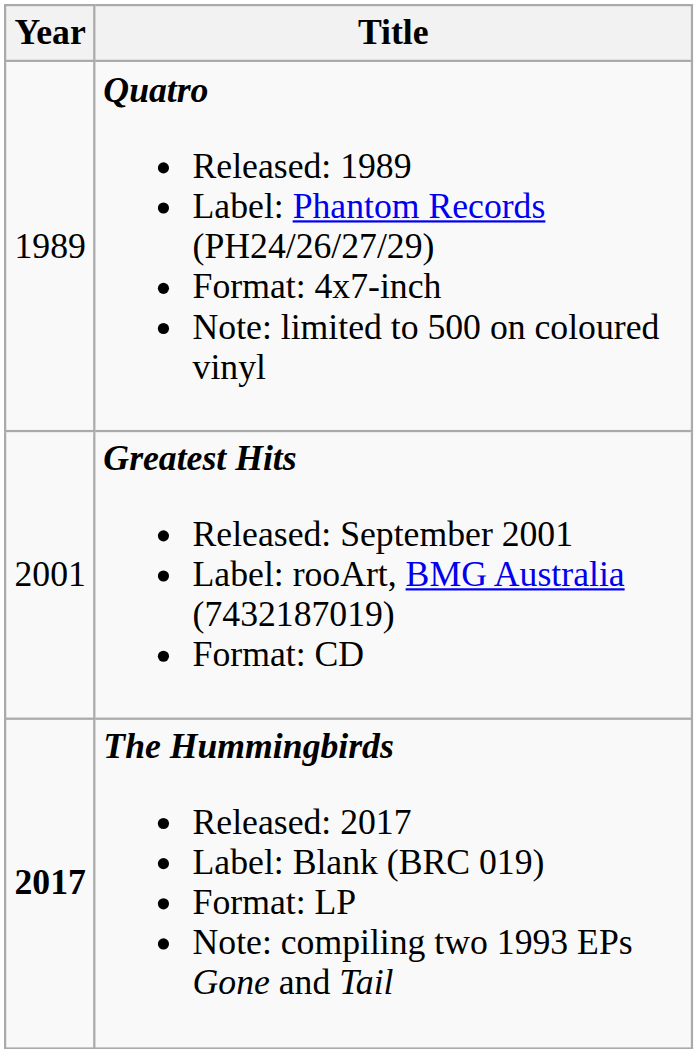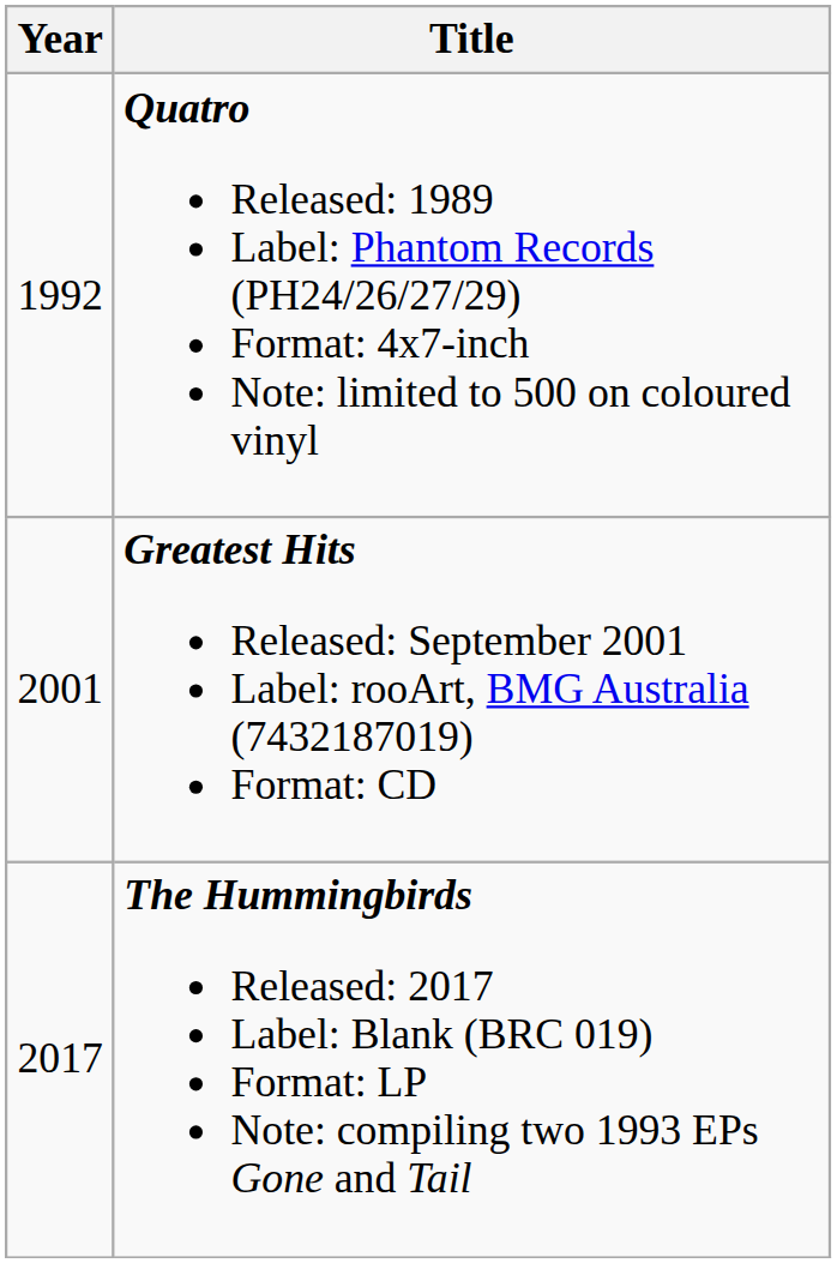 <table class="wikitable">
 <tr>
 <th rowspan="1" width="33">Year</th>
 <th rowspan="1" width="260">Title</th>
 </tr>
 <tr>
-<td align="center">1989</td>
+<td align="center">1992</td>
 <td><strong><em>Quatro</em></strong><br><ul><li>Released: 1989</li><li>Label: <a href='#'>Phantom Records</a> (PH24/26/27/29)</li><li>Format: 4x7-inch</li><li>Note: limited to 500 on coloured vinyl</li></ul></td>
 </tr>
 <tr>
 <td align="center">2001</td>
 <td><strong><em>Greatest Hits</em></strong><br><ul><li>Released: September 2001</li><li>Label: rooArt, <a href='#'>BMG Australia</a> (7432187019)</li><li>Format: CD</li></ul></td>
 </tr>
 <tr>
-<td align="center"><strong>2017</strong></td>
+<td align="center">2017</td>
 <td><strong><em>The Hummingbirds</em></strong><br><ul><li>Released: 2017</li><li>Label: Blank (BRC 019)</li><li>Format: LP</li><li>Note: compiling two 1993 EPs <em>Gone</em> and <em>Tail</em></li></ul></td>
 </tr>
 <tr>
 </tr>
 </table>
